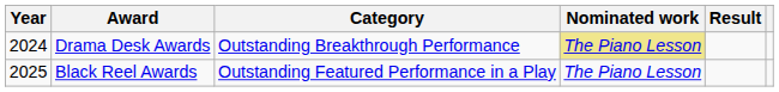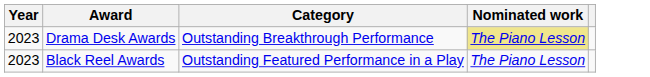 <table class="wikitable sortable plainrowheaders">
 <tr>
 <th scope="col">Year</th>
 <th scope="col">Award</th>
 <th scope="col">Category</th>
 <th scope="col">Nominated work</th>
-<th scope="col">Result</th>
 <th scope="col" class="unsortable"></th>
 </tr>
 <tr>
-<td>2024</td>
+<td>2023</td>
 <td><a href='#'>Drama Desk Awards</a></td>
 <td><a href='#'>Outstanding Breakthrough Performance</a></td>
 <td style="background: khaki;"><em><a href='#'>The Piano Lesson</a></em></td>
-<td></td>
 <td align="center"></td>
 </tr>
 <tr>
-<td>2025</td>
+<td>2023</td>
 <td><a href='#'>Black Reel Awards</a></td>
 <td><a href='#'>Outstanding Featured Performance in a Play</a></td>
 <td><em><a href='#'>The Piano Lesson</a></em></td>
-<td></td>
 <td align="center"></td>
 </tr>
 </table>
